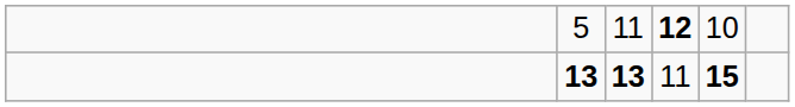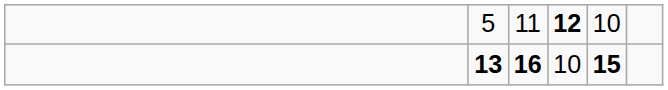 <table class="wikitable">
 <tr>
 <td style="width:18em"></td>
 <td align=center style="width:1em">5</td>
 <td align=center style="width:1em">11</td>
 <td align=center style="width:1em"><strong>12</strong></td>
 <td align=center style="width:1em">10</td>
 <td align=center style="width:1em"></td>
 </tr>
 <tr>
 <td style="width:18em"><strong></strong></td>
 <td align=center style="width:1em"><strong>13</strong></td>
-<td align=center style="width:1em"><strong>13</strong></td>
-<td align=center style="width:1em">11</td>
+<td align=center style="width:1em"><strong>16</strong></td>
+<td align=center style="width:1em">10</td>
 <td align=center style="width:1em"><strong>15</strong></td>
 <td align=center style="width:1em"></td>
 </tr>
 </table>
